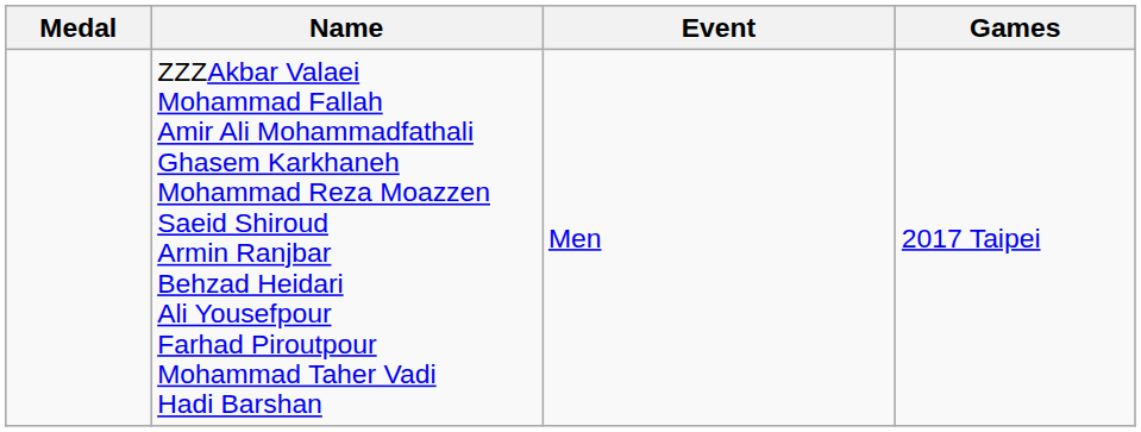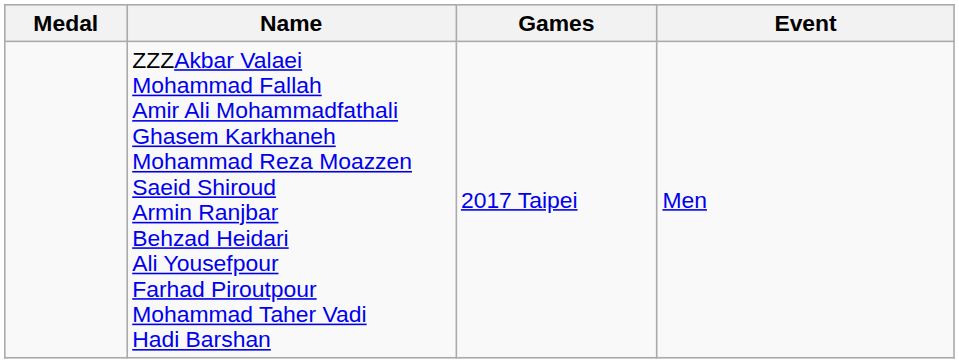 <table class="wikitable sortable" style="font-size:90%">
 <tr>
 <th width="70">Medal</th>
 <th width="200">Name</th>
+<th width="120">Games</th>
 <th width="180">Event</th>
-<th width="120">Games</th>
 </tr>
 <tr>
 <td></td>
 <td><span>ZZZ</span><a href='#'>Akbar Valaei</a><br><a href='#'>Mohammad Fallah</a><br><a href='#'>Amir Ali Mohammadfathali</a><br><a href='#'>Ghasem Karkhaneh</a><br><a href='#'>Mohammad Reza Moazzen</a><br><a href='#'>Saeid Shiroud</a><br><a href='#'>Armin Ranjbar</a><br><a href='#'>Behzad Heidari</a><br><a href='#'>Ali Yousefpour</a><br><a href='#'>Farhad Piroutpour</a><br><a href='#'>Mohammad Taher Vadi</a><br><a href='#'>Hadi Barshan</a></td>
+<td><a href='#'>2017 Taipei</a></td>
 <td><a href='#'>Men</a></td>
-<td><a href='#'>2017 Taipei</a></td>
 </tr>
 </table>
